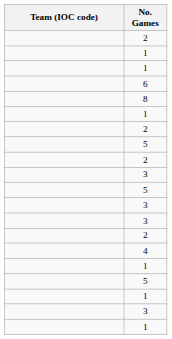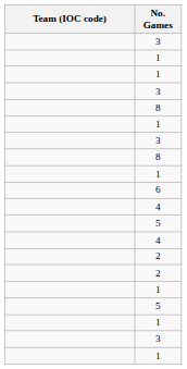 <table class="wikitable sortable" style="margin-top:0em; text-align:center; font-size:90%;">
 <tr>
 <th Width=180>Team (IOC code)</th>
 <th Width=60>No. Games</th>
 </tr>
 <tr>
 <td align=left></td>
-<td>2</td>
+<td>3</td>
 </tr>
 <tr>
 <td align=left></td>
 <td>1</td>
 </tr>
 <tr>
 <td align=left></td>
 <td>1</td>
 </tr>
 <tr>
 <td align=left></td>
-<td>6</td>
+<td>3</td>
 </tr>
 <tr>
 <td align=left></td>
 <td>8</td>
 </tr>
 <tr>
 <td align=left></td>
 <td>1</td>
 </tr>
 <tr>
 <td align=left></td>
-<td>2</td>
+<td>3</td>
+</tr>
+<tr>
+<td align=left></td>
+<td>8</td>
+</tr>
+<tr>
+<td align=left></td>
+<td>1</td>
+</tr>
+<tr>
+<td align=left></td>
+<td>6</td>
+</tr>
+<tr>
+<td align=left></td>
+<td>4</td>
 </tr>
 <tr>
 <td align=left></td>
 <td>5</td>
 </tr>
 <tr>
 <td align=left></td>
-<td>2</td>
-</tr>
-<tr>
-<td align=left></td>
-<td>3</td>
-</tr>
-<tr>
-<td align=left></td>
-<td>5</td>
-</tr>
-<tr>
-<td align=left></td>
-<td>3</td>
-</tr>
-<tr>
-<td align=left></td>
-<td>3</td>
+<td>4</td>
 </tr>
 <tr>
 <td align=left></td>
 <td>2</td>
 </tr>
 <tr>
 <td align=left></td>
-<td>4</td>
+<td>2</td>
 </tr>
 <tr>
 <td align=left></td>
 <td>1</td>
 </tr>
 <tr>
 <td align=left></td>
 <td>5</td>
 </tr>
 <tr>
 <td align=left></td>
 <td>1</td>
 </tr>
 <tr>
 <td align=left></td>
 <td>3</td>
 </tr>
 <tr>
 <td align=left></td>
 <td>1</td>
 </tr>
 </table>
